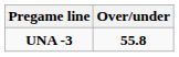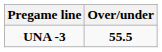 <table class="wikitable">
 <tr align="center">
 <th>Pregame line</th>
 <th>Over/under</th>
 </tr>
 <tr align="center">
 <td><strong>UNA -3</strong></td>
-<td><strong>55.8</strong></td>
+<td><strong>55.5</strong></td>
 </tr>
 </table>
